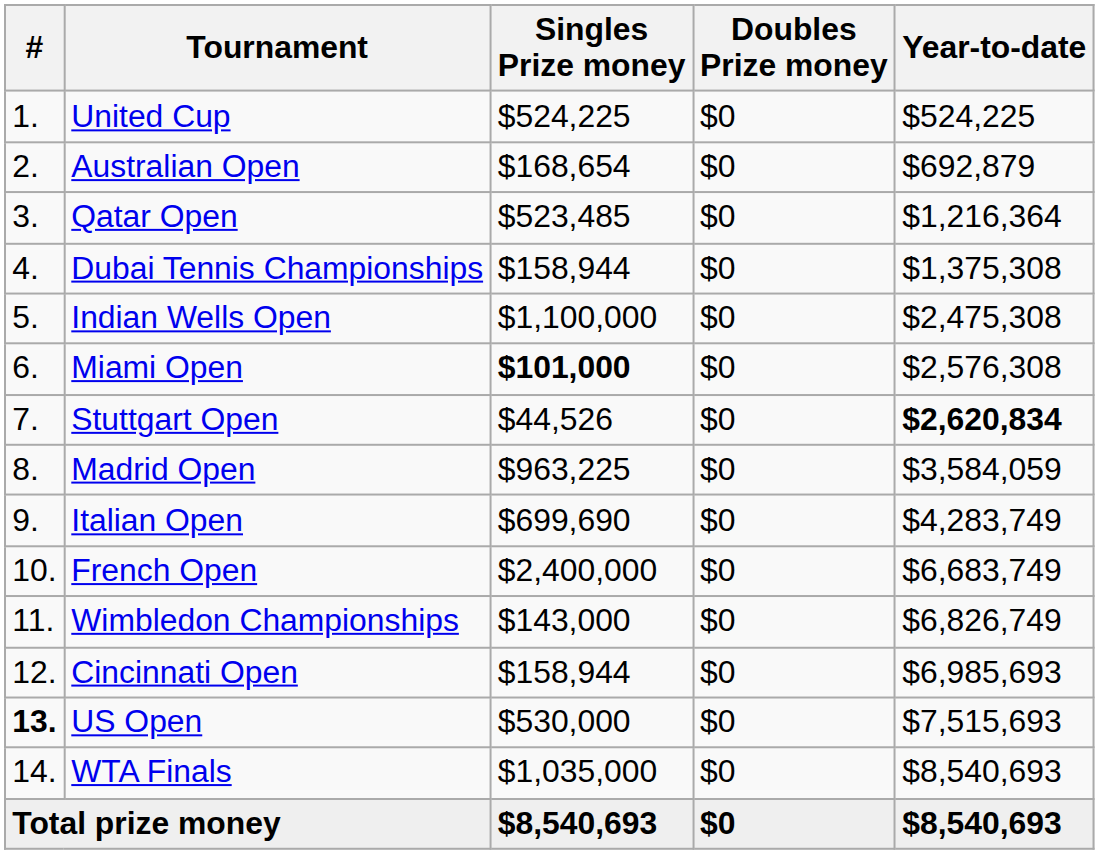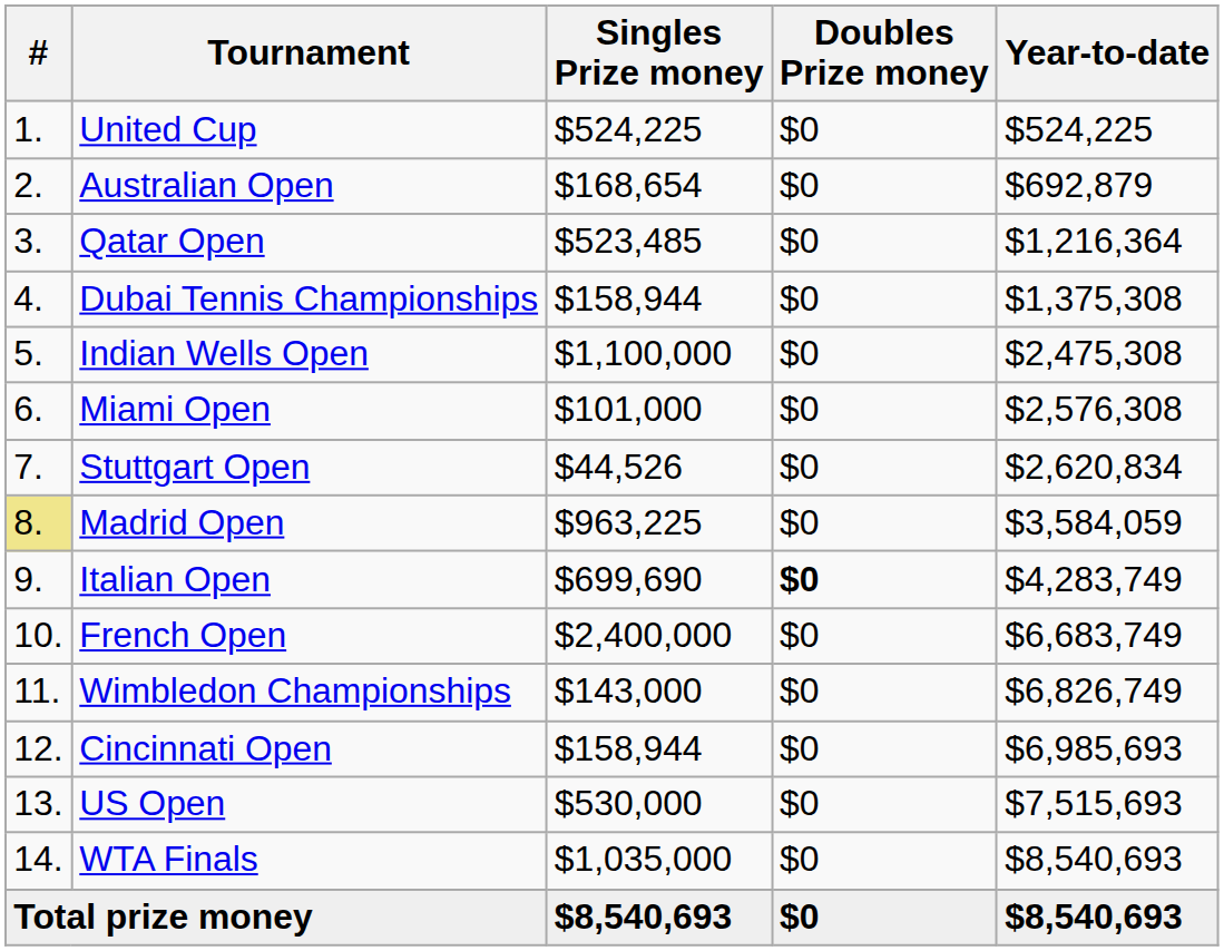 <table class="wikitable sortable">
 <tr>
 <th>#</th>
 <th>Tournament</th>
 <th>Singles<br>Prize money</th>
 <th>Doubles<br>Prize money</th>
 <th>Year-to-date</th>
 </tr>
 <tr>
 <td>1.</td>
 <td><a href='#'>United Cup</a></td>
 <td>$524,225</td>
 <td>$0</td>
 <td>$524,225</td>
 </tr>
 <tr>
 <td>2.</td>
 <td><a href='#'>Australian Open</a></td>
 <td>$168,654</td>
 <td>$0</td>
 <td>$692,879</td>
 </tr>
 <tr>
 <td>3.</td>
 <td><a href='#'>Qatar Open</a></td>
 <td>$523,485</td>
 <td>$0</td>
 <td>$1,216,364</td>
 </tr>
 <tr>
 <td>4.</td>
 <td><a href='#'>Dubai Tennis Championships</a></td>
 <td>$158,944</td>
 <td>$0</td>
 <td>$1,375,308</td>
 </tr>
 <tr>
 <td>5.</td>
 <td><a href='#'>Indian Wells Open</a></td>
 <td>$1,100,000</td>
 <td>$0</td>
 <td>$2,475,308</td>
 </tr>
 <tr>
 <td>6.</td>
 <td><a href='#'>Miami Open</a></td>
-<td><strong>$101,000</strong></td>
+<td>$101,000</td>
 <td>$0</td>
 <td>$2,576,308</td>
 </tr>
 <tr>
 <td>7.</td>
 <td><a href='#'>Stuttgart Open</a></td>
 <td>$44,526</td>
 <td>$0</td>
-<td><strong>$2,620,834</strong></td>
+<td>$2,620,834</td>
 </tr>
 <tr>
-<td>8.</td>
+<td style="background: khaki;">8.</td>
 <td><a href='#'>Madrid Open</a></td>
 <td>$963,225</td>
 <td>$0</td>
 <td>$3,584,059</td>
 </tr>
 <tr>
 <td>9.</td>
 <td><a href='#'>Italian Open</a></td>
 <td>$699,690</td>
-<td>$0</td>
+<td><strong>$0</strong></td>
 <td>$4,283,749</td>
 </tr>
 <tr>
 <td>10.</td>
 <td><a href='#'>French Open</a></td>
 <td>$2,400,000</td>
 <td>$0</td>
 <td>$6,683,749</td>
 </tr>
 <tr>
 <td>11.</td>
 <td><a href='#'>Wimbledon Championships</a></td>
 <td>$143,000</td>
 <td>$0</td>
 <td>$6,826,749</td>
 </tr>
 <tr>
 <td>12.</td>
 <td><a href='#'>Cincinnati Open</a></td>
 <td>$158,944</td>
 <td>$0</td>
 <td>$6,985,693</td>
 </tr>
 <tr>
-<td><strong>13.</strong></td>
+<td>13.</td>
 <td><a href='#'>US Open</a></td>
 <td>$530,000</td>
 <td>$0</td>
 <td>$7,515,693</td>
 </tr>
 <tr>
 <td>14.</td>
 <td><a href='#'>WTA Finals</a></td>
 <td>$1,035,000</td>
 <td>$0</td>
 <td>$8,540,693</td>
 </tr>
 <tr style="background:#efefef">
 <td colspan="2"><strong>Total prize money</strong></td>
 <td><strong>$8,540,693</strong></td>
 <td><strong>$0</strong></td>
 <td><strong>$8,540,693</strong></td>
 </tr>
 </table>
